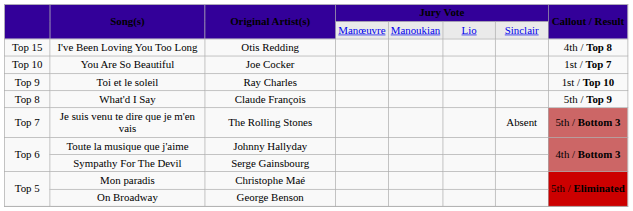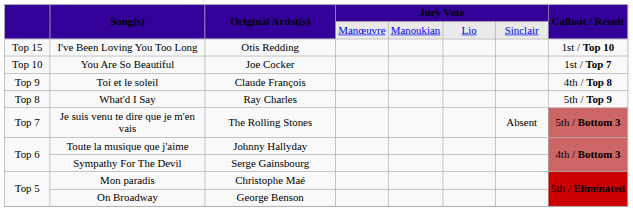 <table class = "wikitable" style="text-align:center">
 <tr>
 <th rowspan=2 width="60px" style="background:#330099; text-align:center;"><span></span></th>
 <th rowspan=2 width="220px" style="background:#330099; text-align:center;"><span>Song(s)</span></th>
 <th rowspan=2 width="185px" style="background:#330099; text-align:center;"><span>Original Artist(s)</span></th>
 <th colspan=4 style="background:#330099; text-align:center;"><span>Jury Vote</span></th>
 <th rowspan=2 width="110px" style="background:#330099; text-align:center;"><span>Callout / Result</span></th>
 </tr>
 <tr>
 <td width="70px" style="background:#EAEAEA; text-align:center;"><a href='#'><span>Manœuvre</span></a></td>
 <td width="70px" style="background:#EAEAEA; text-align:center;"><a href='#'><span>Manoukian</span></a></td>
 <td width="70px" style="background:#EAEAEA; text-align:center;"><a href='#'><span>Lio</span></a></td>
 <td width="70px" style="background:#EAEAEA; text-align:center;"><a href='#'><span>Sinclair</span></a></td>
 </tr>
 <tr>
 <td>Top 15</td>
 <td>I've Been Loving You Too Long</td>
 <td>Otis Redding</td>
 <td></td>
 <td></td>
 <td></td>
 <td></td>
-<td>4th / <strong>Top 8</strong></td>
+<td>1st / <strong>Top 10</strong></td>
 </tr>
 <tr>
 <td>Top 10</td>
 <td>You Are So Beautiful</td>
 <td>Joe Cocker</td>
 <td></td>
 <td></td>
 <td></td>
 <td></td>
 <td>1st / <strong>Top 7</strong></td>
 </tr>
 <tr>
 <td>Top 9</td>
 <td>Toi et le soleil</td>
-<td>Ray Charles</td>
+<td>Claude François</td>
 <td></td>
 <td></td>
 <td></td>
 <td></td>
-<td>1st / <strong>Top 10</strong></td>
+<td>4th / <strong>Top 8</strong></td>
 </tr>
 <tr>
 <td>Top 8</td>
 <td>What'd I Say</td>
-<td>Claude François</td>
+<td>Ray Charles</td>
 <td></td>
 <td></td>
 <td></td>
 <td></td>
 <td>5th / <strong>Top 9</strong></td>
 </tr>
 <tr>
 <td>Top 7</td>
 <td>Je suis venu te dire que je m'en vais</td>
 <td>The Rolling Stones</td>
 <td></td>
 <td></td>
 <td></td>
 <td>Absent</td>
 <td bgcolor="#CC6666">5th / <strong>Bottom 3</strong></td>
 </tr>
 <tr>
 <td rowspan=2>Top 6</td>
 <td>Toute la musique que j'aime</td>
 <td>Johnny Hallyday</td>
 <td></td>
 <td></td>
 <td></td>
 <td></td>
 <td rowspan=2 bgcolor="#CC6666">4th / <strong>Bottom 3</strong></td>
 </tr>
 <tr>
 <td>Sympathy For The Devil</td>
 <td>Serge Gainsbourg</td>
 <td></td>
 <td></td>
 <td></td>
 <td></td>
 </tr>
 <tr>
 <td rowspan=2>Top 5</td>
 <td>Mon paradis</td>
 <td>Christophe Maé</td>
 <td></td>
 <td></td>
 <td></td>
 <td></td>
 <td rowspan=2 bgcolor="#CC0000">5th / <strong>Eliminated</strong></td>
 </tr>
 <tr>
 <td>On Broadway</td>
 <td>George Benson</td>
 <td></td>
 <td></td>
 <td></td>
 <td></td>
 </tr>
 <tr>
 </tr>
 </table>
